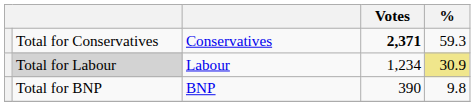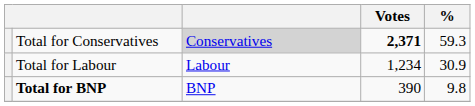 <table class="wikitable">
 <tr>
 <th valign=top colspan="2" style="width: 180px"></th>
 <th valign=top style="width: 180px"></th>
 <th valign=top style="width: 60px">Votes</th>
 <th valign=top style="width: 40px">%</th>
 </tr>
 <tr>
 <th style="background-color: "></th>
 <td>Total for Conservatives</td>
-<td><a href='#'>Conservatives</a></td>
+<td style="background: lightgrey;"><a href='#'>Conservatives</a></td>
 <td align="right"><strong>2,371</strong></td>
 <td align="right">59.3</td>
 </tr>
 <tr>
 <th style="background-color: "></th>
-<td style="background: lightgrey;">Total for Labour</td>
+<td>Total for Labour</td>
 <td><a href='#'>Labour</a></td>
 <td align="right">1,234</td>
-<td align="right" style="background: khaki;">30.9</td>
+<td align="right">30.9</td>
 </tr>
 <tr>
 <th style="background-color: "></th>
-<td>Total for BNP</td>
+<td><strong>Total for BNP</strong></td>
 <td><a href='#'>BNP</a></td>
 <td align="right">390</td>
 <td align="right">9.8</td>
 </tr>
 <tr>
 </tr>
 </table>
